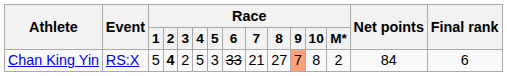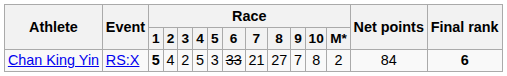 <table class="wikitable" style="font-size:90%">
 <tr>
 <th rowspan="2">Athlete</th>
 <th rowspan="2">Event</th>
 <th colspan=11>Race</th>
 <th rowspan=2>Net points</th>
 <th rowspan=2>Final rank</th>
 </tr>
 <tr style="font-size:95%">
 <th>1</th>
 <th>2</th>
 <th>3</th>
 <th>4</th>
 <th>5</th>
 <th>6</th>
 <th>7</th>
 <th>8</th>
 <th>9</th>
 <th>10</th>
 <th>M*</th>
 </tr>
 <tr align=center>
 <td align=left><a href='#'>Chan King Yin</a></td>
 <td align=left><a href='#'>RS:X</a></td>
-<td>5</td>
-<td><strong>4</strong></td>
+<td><strong>5</strong></td>
+<td>4</td>
 <td>2</td>
 <td>5</td>
 <td>3</td>
 <td><s>33</s></td>
 <td>21</td>
 <td>27</td>
-<td style="background: lightsalmon;">7</td>
+<td>7</td>
 <td>8</td>
 <td>2</td>
 <td>84</td>
-<td>6</td>
+<td><strong>6</strong></td>
 </tr>
 </table>
